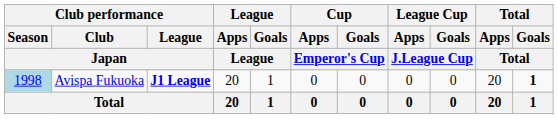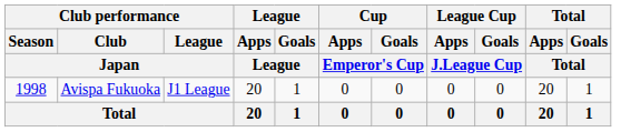 <table class="wikitable" style="text-align:center;">
 <tr>
 <th colspan=3>Club performance</th>
 <th colspan=2>League</th>
 <th colspan=2>Cup</th>
 <th colspan=2>League Cup</th>
 <th colspan=2>Total</th>
 </tr>
 <tr>
 <th>Season</th>
 <th>Club</th>
 <th>League</th>
 <th>Apps</th>
 <th>Goals</th>
 <th>Apps</th>
 <th>Goals</th>
 <th>Apps</th>
 <th>Goals</th>
 <th>Apps</th>
 <th>Goals</th>
 </tr>
 <tr>
 <th colspan=3>Japan</th>
 <th colspan=2>League</th>
 <th colspan=2><a href='#'>Emperor's Cup</a></th>
 <th colspan=2><a href='#'>J.League Cup</a></th>
 <th colspan=2>Total</th>
 </tr>
 <tr>
-<td style="background: lightblue;"><a href='#'>1998</a></td>
+<td><a href='#'>1998</a></td>
 <td><a href='#'>Avispa Fukuoka</a></td>
-<td><strong><a href='#'>J1 League</a></strong></td>
+<td><a href='#'>J1 League</a></td>
 <td>20</td>
 <td>1</td>
 <td>0</td>
 <td>0</td>
 <td>0</td>
 <td>0</td>
 <td>20</td>
-<td><strong>1</strong></td>
+<td>1</td>
 </tr>
 <tr>
 <th colspan=3>Total</th>
 <th>20</th>
 <th>1</th>
 <th>0</th>
 <th>0</th>
 <th>0</th>
 <th>0</th>
 <th>20</th>
 <th>1</th>
 </tr>
 </table>
